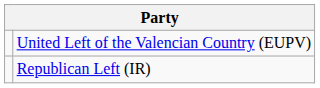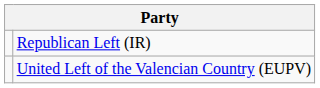 <table class="wikitable" style="text-align:left; font-size:97%;">
 <tr>
 <th colspan="2">Party</th>
 </tr>
 <tr>
+<td></td>
+<td><a href='#'>Republican Left</a> (IR)</td>
+</tr>
+<tr>
 <td width="1"></td>
 <td><a href='#'>United Left of the Valencian Country</a> (EUPV)</td>
 </tr>
-<tr>
-<td></td>
-<td><a href='#'>Republican Left</a> (IR)</td>
-</tr>
 </table>
